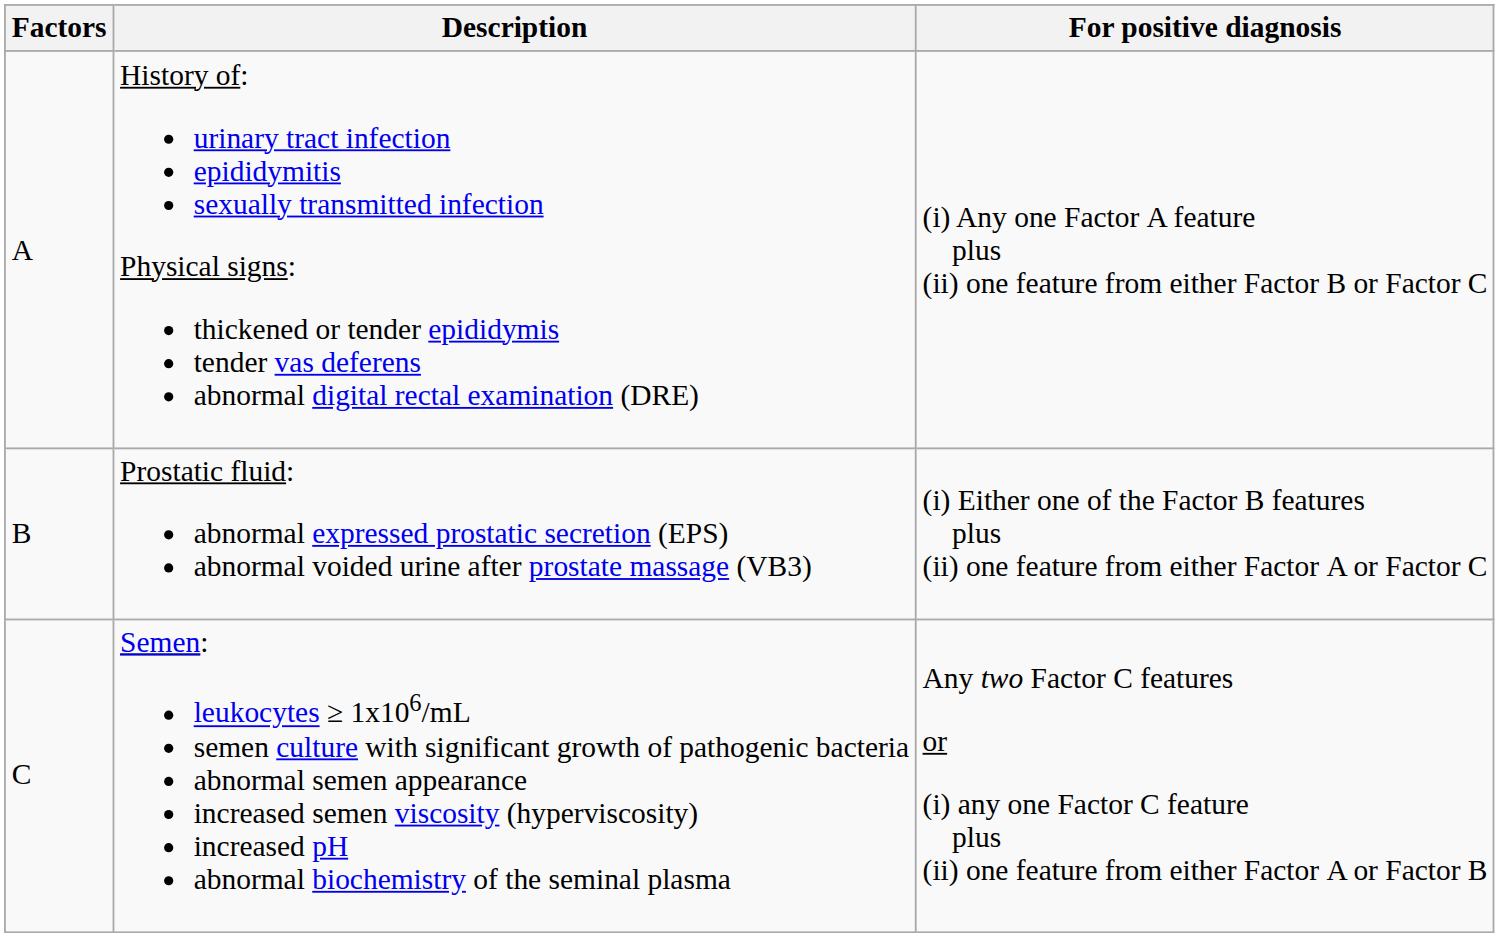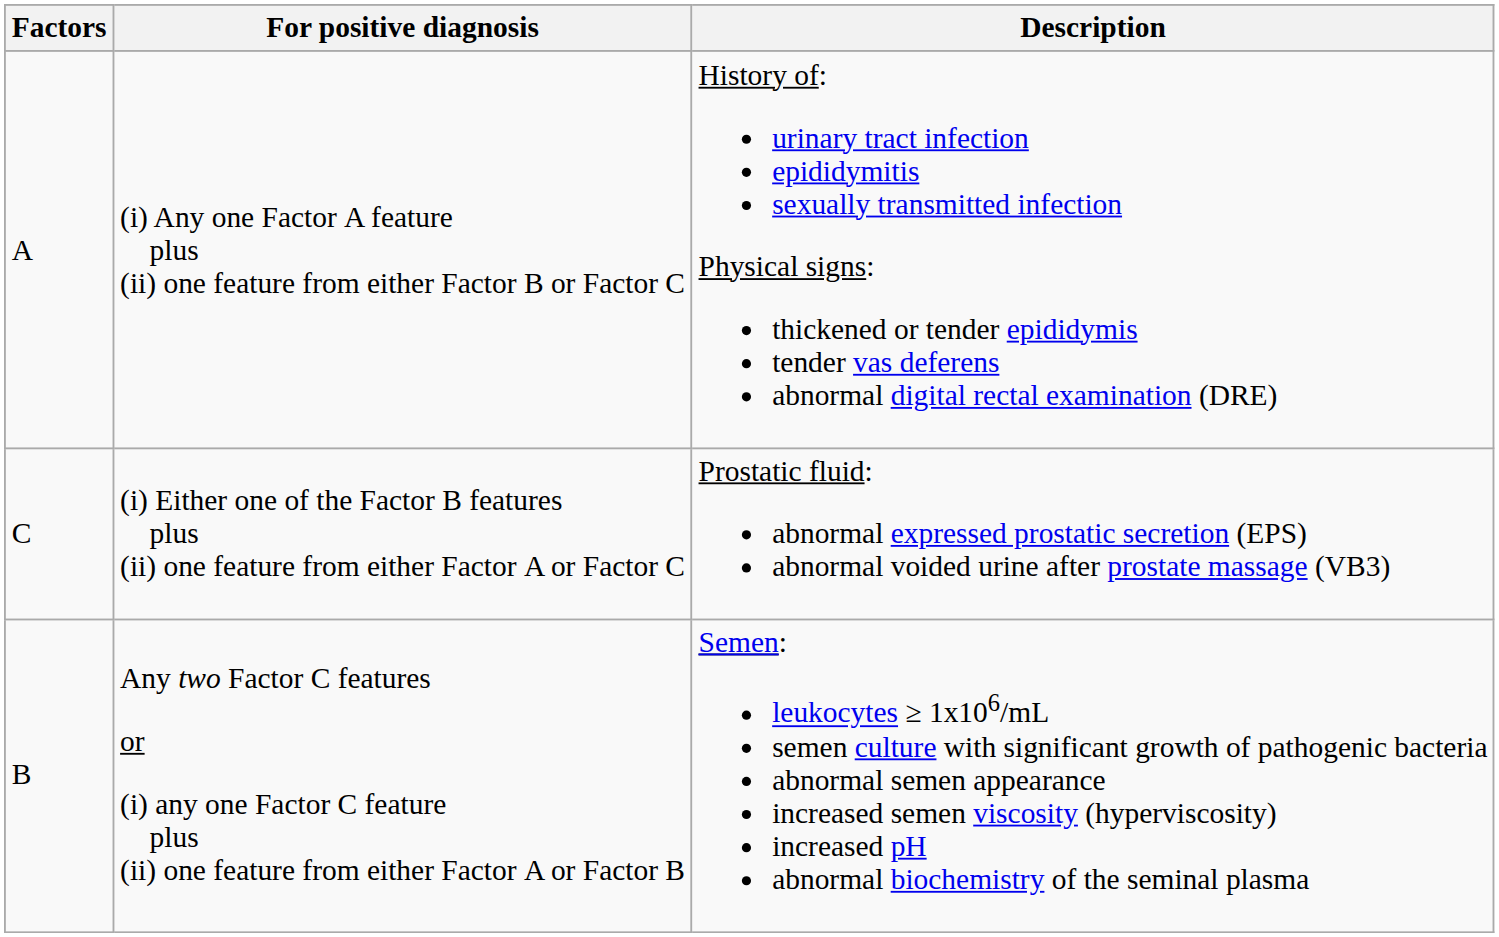 <table class="wikitable">
 <tr>
 <th>Factors</th>
+<th>For positive diagnosis</th>
 <th>Description</th>
-<th>For positive diagnosis</th>
 </tr>
 <tr>
 <td>A</td>
+<td>(i) Any one Factor A feature <br>    plus <br>(ii) one feature from either Factor B or Factor C</td>
 <td><u>History of</u>:<br><ul><li><a href='#'>urinary tract infection</a></li><li><a href='#'>epididymitis</a></li><li><a href='#'>sexually transmitted infection</a></li></ul><u>Physical signs</u>:<ul><li>thickened or tender <a href='#'>epididymis</a></li><li>tender <a href='#'>vas deferens</a></li><li>abnormal <a href='#'>digital rectal examination</a> (DRE)</li></ul></td>
-<td>(i) Any one Factor A feature <br>    plus <br>(ii) one feature from either Factor B or Factor C</td>
+</tr>
+<tr>
+<td>C</td>
+<td>(i) Either one of the Factor B features <br>    plus <br>(ii) one feature from either Factor A or Factor C</td>
+<td><u>Prostatic fluid</u>:<br><ul><li>abnormal <a href='#'>expressed prostatic secretion</a> (EPS)</li><li>abnormal voided urine after <a href='#'>prostate massage</a> (VB3)</li></ul></td>
 </tr>
 <tr>
 <td>B</td>
-<td><u>Prostatic fluid</u>:<br><ul><li>abnormal <a href='#'>expressed prostatic secretion</a> (EPS)</li><li>abnormal voided urine after <a href='#'>prostate massage</a> (VB3)</li></ul></td>
-<td>(i) Either one of the Factor B features <br>    plus <br>(ii) one feature from either Factor A or Factor C</td>
-</tr>
-<tr>
-<td>C</td>
+<td>Any <em>two</em> Factor C features <p><u>or</u> </p>(i) any one Factor C feature <br>    plus <br>(ii) one feature from either Factor A or Factor B</td>
 <td><u><a href='#'>Semen</a></u>:<br><ul><li><a href='#'>leukocytes</a> ≥ 1x10<sup>6</sup>/mL</li><li>semen <a href='#'>culture</a> with significant growth of pathogenic bacteria</li><li>abnormal semen appearance</li><li>increased semen <a href='#'>viscosity</a> (hyperviscosity)</li><li>increased <a href='#'>pH</a></li><li>abnormal <a href='#'>biochemistry</a> of the seminal plasma</li></ul></td>
-<td>Any <em>two</em> Factor C features <p><u>or</u> </p>(i) any one Factor C feature <br>    plus <br>(ii) one feature from either Factor A or Factor B</td>
 </tr>
 </table>
